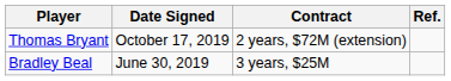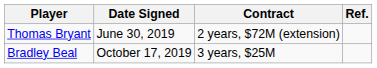 <table class="wikitable sortable sortable">
 <tr>
 <th>Player</th>
 <th>Date Signed</th>
 <th>Contract</th>
 <th>Ref.</th>
 </tr>
 <tr>
 <td><a href='#'>Thomas Bryant</a></td>
-<td>October 17, 2019</td>
+<td>June 30, 2019</td>
 <td>2 years, $72M (extension)</td>
 <td></td>
 </tr>
 <tr>
 <td><a href='#'>Bradley Beal</a></td>
-<td>June 30, 2019</td>
+<td>October 17, 2019</td>
 <td>3 years, $25M</td>
 <td></td>
 </tr>
 </table>
